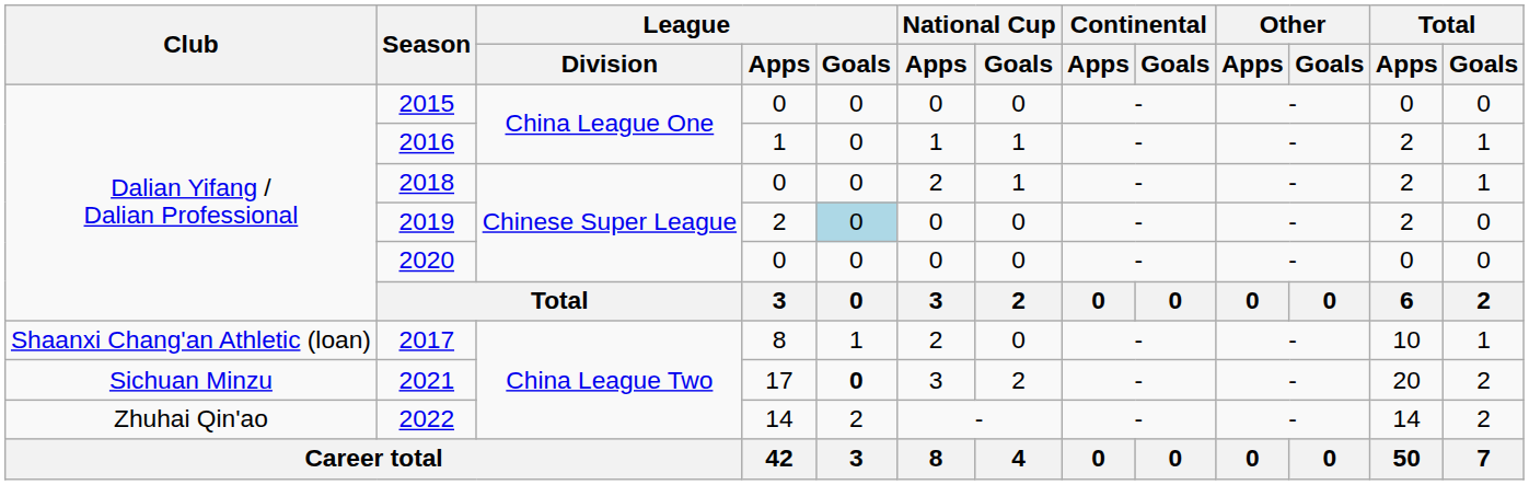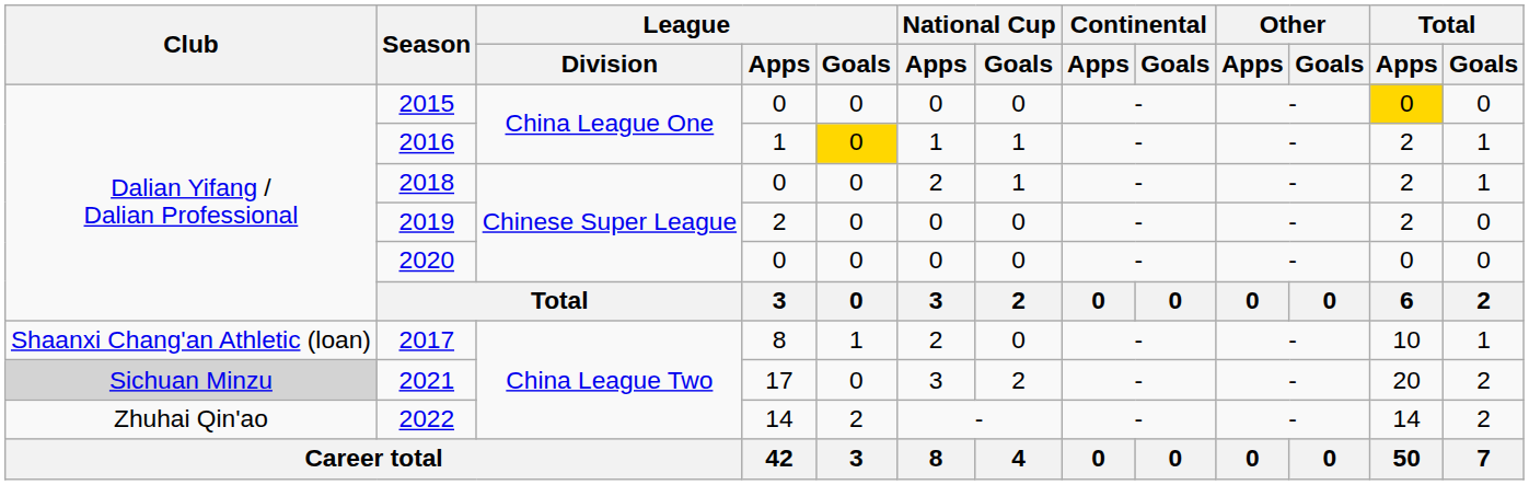 <table class="wikitable" style="text-align: center">
 <tr>
 <th rowspan="2">Club</th>
 <th rowspan="2">Season</th>
 <th colspan="3">League</th>
 <th colspan="2">National Cup</th>
 <th colspan="2">Continental</th>
 <th colspan="2">Other</th>
 <th colspan="2">Total</th>
 </tr>
 <tr>
 <th>Division</th>
 <th>Apps</th>
 <th>Goals</th>
 <th>Apps</th>
 <th>Goals</th>
 <th>Apps</th>
 <th>Goals</th>
 <th>Apps</th>
 <th>Goals</th>
 <th>Apps</th>
 <th>Goals</th>
 </tr>
 <tr>
 <td rowspan=6><a href='#'>Dalian Yifang</a> /<br><a href='#'>Dalian Professional</a></td>
 <td><a href='#'>2015</a></td>
 <td rowspan=2><a href='#'>China League One</a></td>
 <td>0</td>
 <td>0</td>
 <td>0</td>
 <td>0</td>
 <td colspan="2">-</td>
 <td colspan="2">-</td>
-<td>0</td>
+<td style="background: gold;">0</td>
 <td>0</td>
 </tr>
 <tr>
 <td><a href='#'>2016</a></td>
 <td>1</td>
-<td>0</td>
+<td style="background: gold;">0</td>
 <td>1</td>
 <td>1</td>
 <td colspan="2">-</td>
 <td colspan="2">-</td>
 <td>2</td>
 <td>1</td>
 </tr>
 <tr>
 <td><a href='#'>2018</a></td>
 <td rowspan="3"><a href='#'>Chinese Super League</a></td>
 <td>0</td>
 <td>0</td>
 <td>2</td>
 <td>1</td>
 <td colspan="2">-</td>
 <td colspan="2">-</td>
 <td>2</td>
 <td>1</td>
 </tr>
 <tr>
 <td><a href='#'>2019</a></td>
 <td>2</td>
-<td style="background: lightblue;">0</td>
+<td>0</td>
 <td>0</td>
 <td>0</td>
 <td colspan="2">-</td>
 <td colspan="2">-</td>
 <td>2</td>
 <td>0</td>
 </tr>
 <tr>
 <td><a href='#'>2020</a></td>
 <td>0</td>
 <td>0</td>
 <td>0</td>
 <td>0</td>
 <td colspan="2">-</td>
 <td colspan="2">-</td>
 <td>0</td>
 <td>0</td>
 </tr>
 <tr>
 <th colspan="2">Total</th>
 <th>3</th>
 <th>0</th>
 <th>3</th>
 <th>2</th>
 <th>0</th>
 <th>0</th>
 <th>0</th>
 <th>0</th>
 <th>6</th>
 <th>2</th>
 </tr>
 <tr>
 <td><a href='#'>Shaanxi Chang'an Athletic</a> (loan)</td>
 <td><a href='#'>2017</a></td>
 <td rowspan=3><a href='#'>China League Two</a></td>
 <td>8</td>
 <td>1</td>
 <td>2</td>
 <td>0</td>
 <td colspan="2">-</td>
 <td colspan="2">-</td>
 <td>10</td>
 <td>1</td>
 </tr>
 <tr>
-<td><a href='#'>Sichuan Minzu</a></td>
+<td style="background: lightgrey;"><a href='#'>Sichuan Minzu</a></td>
 <td><a href='#'>2021</a></td>
 <td>17</td>
-<td><strong>0</strong></td>
+<td>0</td>
 <td>3</td>
 <td>2</td>
 <td colspan="2">-</td>
 <td colspan="2">-</td>
 <td>20</td>
 <td>2</td>
 </tr>
 <tr>
 <td>Zhuhai Qin'ao</td>
 <td><a href='#'>2022</a></td>
 <td>14</td>
 <td>2</td>
 <td colspan="2">-</td>
 <td colspan="2">-</td>
 <td colspan="2">-</td>
 <td>14</td>
 <td>2</td>
 </tr>
 <tr>
 <th colspan=3>Career total</th>
 <th>42</th>
 <th>3</th>
 <th>8</th>
 <th>4</th>
 <th>0</th>
 <th>0</th>
 <th>0</th>
 <th>0</th>
 <th>50</th>
 <th>7</th>
 </tr>
 </table>
